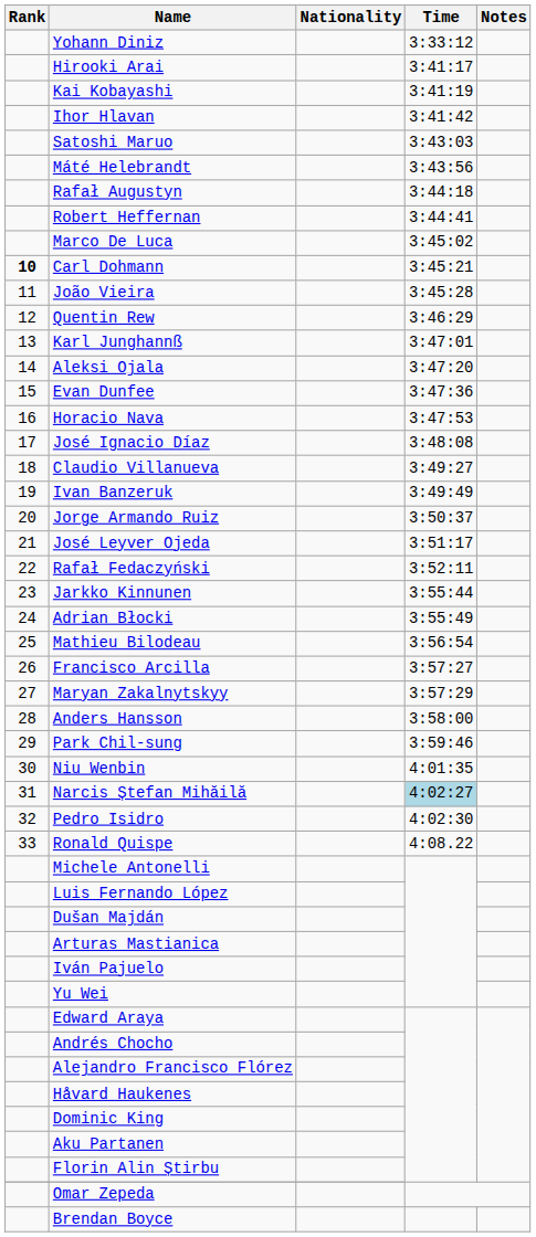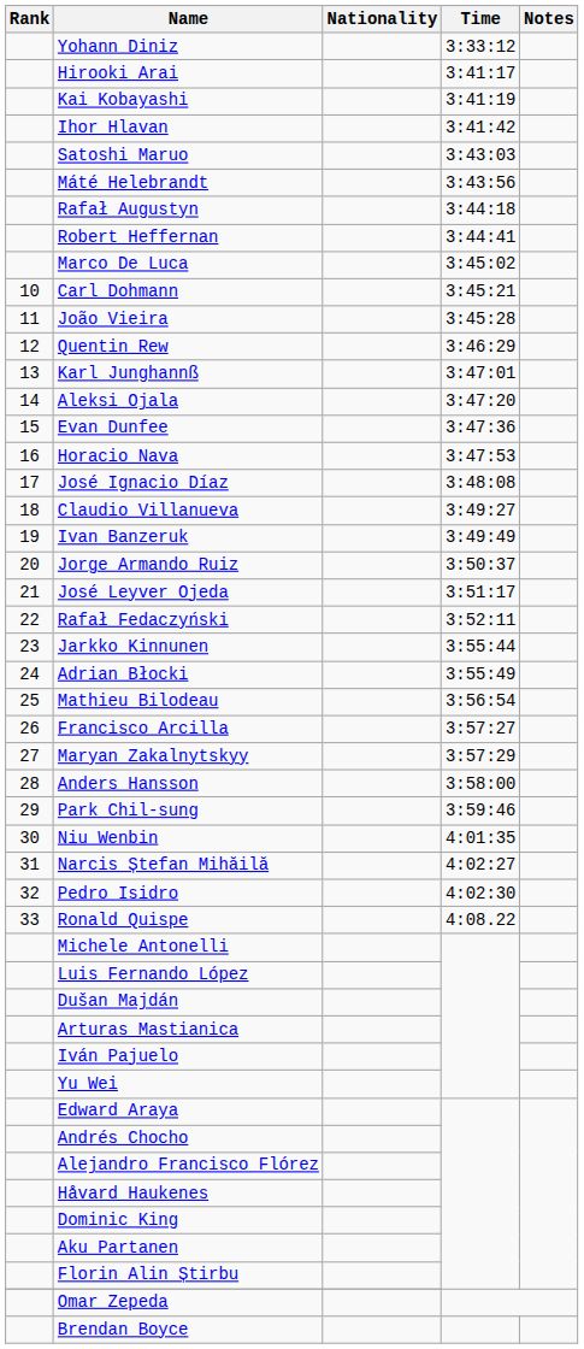 <table class="wikitable sortable" style="text-align:center">
 <tr>
 <th>Rank</th>
 <th>Name</th>
 <th>Nationality</th>
 <th>Time</th>
 <th>Notes</th>
 </tr>
 <tr>
 <td></td>
 <td align=left><a href='#'>Yohann Diniz</a></td>
 <td align=left></td>
 <td>3:33:12</td>
 <td><strong></strong></td>
 </tr>
 <tr>
 <td></td>
 <td align=left><a href='#'>Hirooki Arai</a></td>
 <td align=left></td>
 <td>3:41:17</td>
 <td></td>
 </tr>
 <tr>
 <td></td>
 <td align=left><a href='#'>Kai Kobayashi</a></td>
 <td align=left></td>
 <td>3:41:19</td>
 <td></td>
 </tr>
 <tr>
 <td></td>
 <td align=left><a href='#'>Ihor Hlavan</a></td>
 <td align=left></td>
 <td>3:41:42</td>
 <td></td>
 </tr>
 <tr>
 <td></td>
 <td align=left><a href='#'>Satoshi Maruo</a></td>
 <td align=left></td>
 <td>3:43:03</td>
 <td></td>
 </tr>
 <tr>
 <td></td>
 <td align=left><a href='#'>Máté Helebrandt</a></td>
 <td align=left></td>
 <td>3:43:56</td>
 <td><strong></strong></td>
 </tr>
 <tr>
 <td></td>
 <td align=left><a href='#'>Rafał Augustyn</a></td>
 <td align=left></td>
 <td>3:44:18</td>
 <td></td>
 </tr>
 <tr>
 <td></td>
 <td align=left><a href='#'>Robert Heffernan</a></td>
 <td align=left></td>
 <td>3:44:41</td>
 <td></td>
 </tr>
 <tr>
 <td></td>
 <td align=left><a href='#'>Marco De Luca</a></td>
 <td align=left></td>
 <td>3:45:02</td>
 <td></td>
 </tr>
 <tr>
-<td><strong>10</strong></td>
+<td>10</td>
 <td align=left><a href='#'>Carl Dohmann</a></td>
 <td align=left></td>
 <td>3:45:21</td>
 <td></td>
 </tr>
 <tr>
 <td>11</td>
 <td align=left><a href='#'>João Vieira</a></td>
 <td align=left></td>
 <td>3:45:28</td>
 <td></td>
 </tr>
 <tr>
 <td>12</td>
 <td align=left><a href='#'>Quentin Rew</a></td>
 <td align=left></td>
 <td>3:46:29</td>
 <td><strong></strong></td>
 </tr>
 <tr>
 <td>13</td>
 <td align=left><a href='#'>Karl Junghannß</a></td>
 <td align=left></td>
 <td>3:47:01</td>
 <td></td>
 </tr>
 <tr>
 <td>14</td>
 <td align=left><a href='#'>Aleksi Ojala</a></td>
 <td align=left></td>
 <td>3:47:20</td>
 <td></td>
 </tr>
 <tr>
 <td>15</td>
 <td align=left><a href='#'>Evan Dunfee</a></td>
 <td align=left></td>
 <td>3:47:36</td>
 <td></td>
 </tr>
 <tr>
 <td>16</td>
 <td align=left><a href='#'>Horacio Nava</a></td>
 <td align=left></td>
 <td>3:47:53</td>
 <td></td>
 </tr>
 <tr>
 <td>17</td>
 <td align=left><a href='#'>José Ignacio Díaz</a></td>
 <td align=left></td>
 <td>3:48:08</td>
 <td></td>
 </tr>
 <tr>
 <td>18</td>
 <td align=left><a href='#'>Claudio Villanueva</a></td>
 <td align=left></td>
 <td>3:49:27</td>
 <td></td>
 </tr>
 <tr>
 <td>19</td>
 <td align=left><a href='#'>Ivan Banzeruk</a></td>
 <td align=left></td>
 <td>3:49:49</td>
 <td></td>
 </tr>
 <tr>
 <td>20</td>
 <td align=left><a href='#'>Jorge Armando Ruiz</a></td>
 <td align=left></td>
 <td>3:50:37</td>
 <td></td>
 </tr>
 <tr>
 <td>21</td>
 <td align=left><a href='#'>José Leyver Ojeda</a></td>
 <td align=left></td>
 <td>3:51:17</td>
 <td></td>
 </tr>
 <tr>
 <td>22</td>
 <td align=left><a href='#'>Rafał Fedaczyński</a></td>
 <td align=left></td>
 <td>3:52:11</td>
 <td></td>
 </tr>
 <tr>
 <td>23</td>
 <td align=left><a href='#'>Jarkko Kinnunen</a></td>
 <td align=left></td>
 <td>3:55:44</td>
 <td></td>
 </tr>
 <tr>
 <td>24</td>
 <td align=left><a href='#'>Adrian Błocki</a></td>
 <td align=left></td>
 <td>3:55:49</td>
 <td></td>
 </tr>
 <tr>
 <td>25</td>
 <td align=left><a href='#'>Mathieu Bilodeau</a></td>
 <td align=left></td>
 <td>3:56:54</td>
 <td></td>
 </tr>
 <tr>
 <td>26</td>
 <td align=left><a href='#'>Francisco Arcilla</a></td>
 <td align=left></td>
 <td>3:57:27</td>
 <td></td>
 </tr>
 <tr>
 <td>27</td>
 <td align=left><a href='#'>Maryan Zakalnytskyy</a></td>
 <td align=left></td>
 <td>3:57:29</td>
 <td></td>
 </tr>
 <tr>
 <td>28</td>
 <td align=left><a href='#'>Anders Hansson</a></td>
 <td align=left></td>
 <td>3:58:00</td>
 <td></td>
 </tr>
 <tr>
 <td>29</td>
 <td align=left><a href='#'>Park Chil-sung</a></td>
 <td align=left></td>
 <td>3:59:46</td>
 <td></td>
 </tr>
 <tr>
 <td>30</td>
 <td align=left><a href='#'>Niu Wenbin</a></td>
 <td align=left></td>
 <td>4:01:35</td>
 <td></td>
 </tr>
 <tr>
 <td>31</td>
 <td align=left><a href='#'>Narcis Ștefan Mihăilă</a></td>
 <td align=left></td>
-<td style="background: lightblue;">4:02:27</td>
+<td>4:02:27</td>
 <td></td>
 </tr>
 <tr>
 <td>32</td>
 <td align=left><a href='#'>Pedro Isidro</a></td>
 <td align=left></td>
 <td>4:02:30</td>
 <td></td>
 </tr>
 <tr>
 <td>33</td>
 <td align=left><a href='#'>Ronald Quispe</a></td>
 <td align=left></td>
 <td>4:08.22</td>
 <td></td>
 </tr>
 <tr>
 <td></td>
 <td align=left><a href='#'>Michele Antonelli</a></td>
 <td align=left></td>
 <td rowspan=6></td>
 <td></td>
 </tr>
 <tr>
 <td></td>
 <td align=left><a href='#'>Luis Fernando López</a></td>
 <td align=left></td>
 <td></td>
 </tr>
 <tr>
 <td></td>
 <td align=left><a href='#'>Dušan Majdán</a></td>
 <td align=left></td>
 <td></td>
 </tr>
 <tr>
 <td></td>
 <td align=left><a href='#'>Arturas Mastianica</a></td>
 <td align=left></td>
 <td></td>
 </tr>
 <tr>
 <td></td>
 <td align=left><a href='#'>Iván Pajuelo</a></td>
 <td align=left></td>
 <td></td>
 </tr>
 <tr>
 <td></td>
 <td align=left><a href='#'>Yu Wei</a></td>
 <td align=left></td>
 <td></td>
 </tr>
 <tr>
 <td></td>
 <td align=left><a href='#'>Edward Araya</a></td>
 <td align=left></td>
 <td rowspan=8></td>
 <td rowspan=8></td>
 </tr>
 <tr>
 <td></td>
 <td align=left><a href='#'>Andrés Chocho</a></td>
 <td align=left></td>
 </tr>
 <tr>
 <td></td>
 <td align=left><a href='#'>Alejandro Francisco Flórez</a></td>
 <td align=left></td>
 </tr>
 <tr>
 <td></td>
 <td align=left><a href='#'>Håvard Haukenes</a></td>
 <td align=left></td>
 </tr>
 <tr>
 <td></td>
 <td align=left><a href='#'>Dominic King</a></td>
 <td align=left></td>
 </tr>
 <tr>
 <td></td>
 <td align=left><a href='#'>Aku Partanen</a></td>
 <td align=left></td>
 </tr>
 <tr>
 <td></td>
 <td align=left><a href='#'>Florin Alin Știrbu</a></td>
 <td align=left></td>
 </tr>
 <tr>
 </tr>
 <tr>
 <td></td>
 <td align=left><a href='#'>Omar Zepeda</a></td>
 <td align=left></td>
 </tr>
 <tr>
 <td></td>
 <td align=left><a href='#'>Brendan Boyce</a></td>
 <td align=left></td>
 <td></td>
 <td></td>
 </tr>
 </table>
